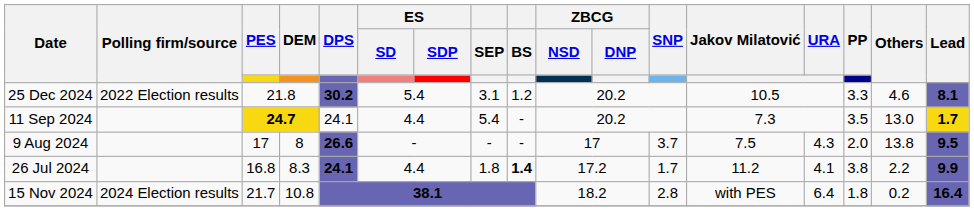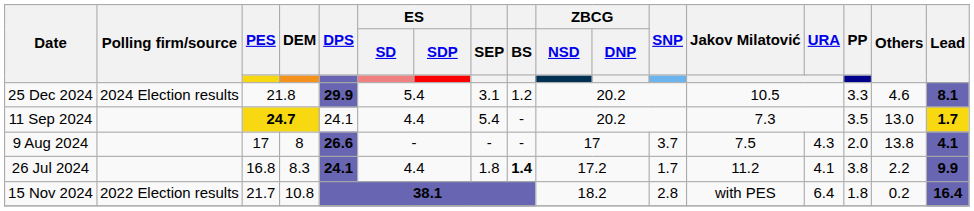 <table class="wikitable" style="text-align:center; font-size:85%; line-height:16px;">
 <tr>
 <th rowspan="3">Date</th>
 <th rowspan="3">Polling firm/source</th>
 <th rowspan="2"><a href='#'>PES</a></th>
 <th rowspan="2">DEM</th>
 <th rowspan="2"><a href='#'>DPS</a></th>
 <th colspan="2">ES</th>
 <th></th>
 <th></th>
 <th colspan="2">ZBCG</th>
 <th rowspan="2"><a href='#'>SNP</a></th>
 <th rowspan="2">Jakov Milatović</th>
 <th rowspan="2"><a href='#'>URA</a></th>
 <th rowspan="2">PP</th>
 <th rowspan="3">Others</th>
 <th rowspan="3">Lead</th>
 </tr>
 <tr style="height:42px; background-color:#FFFFFF;">
 <th style="width:45px;"><a href='#'>SD</a></th>
 <th style="width:45px;"><a href='#'>SDP</a></th>
 <th>SEP</th>
 <th>BS</th>
 <th style="width:45px;"><a href='#'>NSD</a></th>
 <th style="width:45px;"><a href='#'>DNP</a></th>
 </tr>
 <tr>
 <th style="background:#F8D810;"></th>
 <th style="background:#F5911D;"></th>
 <th style="background:#6866b2;"></th>
 <th style="background:#f08080;"></th>
 <th style="background:#FF0000;"></th>
 <th></th>
 <th></th>
 <th style="background:#003153;"></th>
 <th style="background:"></th>
 <th style="background:#6CB4EE;"></th>
 <th colspan="2"></th>
 <th style="background:#00008B;"></th>
 </tr>
 <tr>
 <td>25 Dec 2024</td>
-<td>2022 Election results</td>
+<td>2024 Election results</td>
 <td colspan="2">21.8</td>
-<td style="background: #6866b2;"><strong>30.2</strong></td>
+<td style="background: #6866b2;"><strong>29.9</strong></td>
 <td colspan="2">5.4</td>
 <td>3.1</td>
 <td>1.2</td>
 <td colspan="3">20.2</td>
 <td colspan="2">10.5</td>
 <td>3.3</td>
 <td>4.6</td>
 <th style="background: #6866b2">8.1</th>
 </tr>
 <tr>
 <td>11 Sep 2024</td>
 <td></td>
 <td colspan="2" style="background:#F8D810;"><strong>24.7</strong></td>
 <td>24.1</td>
 <td colspan="2">4.4</td>
 <td>5.4</td>
 <td>-</td>
 <td colspan="3">20.2</td>
 <td colspan="2">7.3</td>
 <td>3.5</td>
 <td>13.0</td>
 <th style="background:#F8D810">1.7</th>
 </tr>
 <tr>
 <td>9 Aug 2024</td>
 <td></td>
 <td>17</td>
 <td>8</td>
 <td style="background: #6866b2;"><strong>26.6</strong></td>
 <td colspan="2">-</td>
 <td>-</td>
 <td>-</td>
 <td colspan="2">17</td>
 <td>3.7</td>
 <td>7.5</td>
 <td>4.3</td>
 <td>2.0</td>
 <td>13.8</td>
-<th style="background: #6866b2">9.5</th>
+<th style="background: #6866b2">4.1</th>
 </tr>
 <tr>
 <td>26 Jul 2024</td>
 <td></td>
 <td>16.8</td>
 <td>8.3</td>
 <td style="background: #6866b2;"><strong>24.1</strong></td>
 <td colspan="2">4.4</td>
 <td>1.8</td>
 <td><strong>1.4</strong></td>
 <td colspan="2">17.2</td>
 <td>1.7</td>
 <td>11.2</td>
 <td>4.1</td>
 <td>3.8</td>
 <td>2.2</td>
 <th style="background: #6866b2;">9.9</th>
 </tr>
 <tr>
 <td>15 Nov 2024</td>
-<td>2024 Election results</td>
+<td>2022 Election results</td>
 <td>21.7</td>
 <td>10.8</td>
 <td colspan="5" style="background: #6866b2;"><strong>38.1</strong></td>
 <td colspan="2">18.2</td>
 <td>2.8</td>
 <td>with PES</td>
 <td>6.4</td>
 <td>1.8</td>
 <td>0.2</td>
 <th style="background: #6866b2">16.4</th>
 </tr>
 <tr style="background:#EFEFEF; font-weight:bold;">
 </tr>
 </table>
